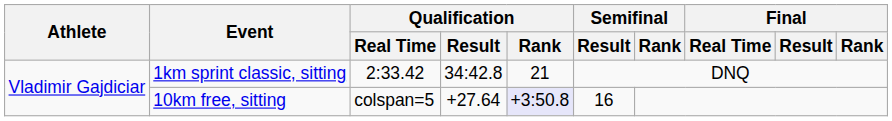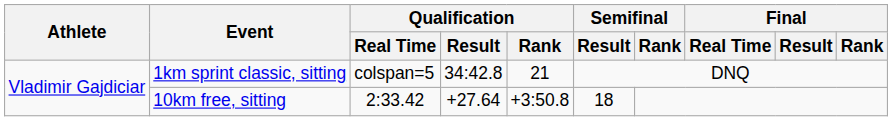 <table class="wikitable" style="font-size:100%">
 <tr>
 <th rowspan="2">Athlete</th>
 <th rowspan="2">Event</th>
 <th colspan="3">Qualification</th>
 <th colspan="2">Semifinal</th>
 <th colspan="3">Final</th>
 </tr>
 <tr>
 <th>Real Time</th>
 <th>Result</th>
 <th>Rank</th>
 <th>Result</th>
 <th>Rank</th>
 <th>Real Time</th>
 <th>Result</th>
 <th>Rank</th>
 </tr>
 <tr>
 <td rowspan=2><a href='#'>Vladimir Gajdiciar</a></td>
 <td><a href='#'>1km sprint classic, sitting</a></td>
-<td align="center">2:33.42</td>
+<td>colspan=5 </td>
 <td align="center">34:42.8</td>
 <td align="center">21</td>
 <td align="center" colspan=5>DNQ</td>
 </tr>
 <tr>
 <td><a href='#'>10km free, sitting</a></td>
-<td>colspan=5 </td>
+<td align="center">2:33.42</td>
 <td align="center">+27.64</td>
-<td align="center" style="background: lavender;">+3:50.8</td>
-<td align="center">16</td>
+<td align="center">+3:50.8</td>
+<td align="center">18</td>
 </tr>
 </table>
